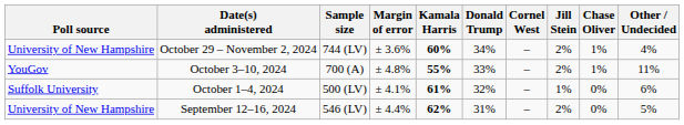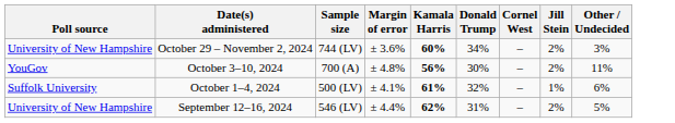 <table class="wikitable sortable mw-datatable" style="font-size:90%;text-align:center;line-height:17px">
 <tr valign=bottom>
 <th>Poll source</th>
 <th>Date(s)<br>administered</th>
 <th>Sample<br>size</th>
 <th>Margin<br>of error</th>
 <th class="unsortable">Kamala<br>Harris<br></th>
 <th class="unsortable">Donald<br>Trump<br></th>
 <th class="unsortable">Cornel<br>West<br></th>
 <th class="unsortable">Jill<br>Stein<br></th>
-<th class="unsortable">Chase<br>Oliver<br></th>
 <th class="unsortable">Other /<br>Undecided</th>
 </tr>
 <tr>
 <td style="text-align:left;"><a href='#'>University of New Hampshire</a></td>
 <td data-sort-value="2024-11-02">October 29 – November 2, 2024</td>
 <td>744 (LV)</td>
 <td>± 3.6%</td>
 <td style="color:black;background-color:"><strong>60%</strong></td>
 <td>34%</td>
 <td>–</td>
 <td>2%</td>
-<td>1%</td>
-<td>4%</td>
+<td>3%</td>
 </tr>
 <tr>
 <td style="text-align:left;"><a href='#'>YouGov</a></td>
 <td data-sort-value=2024-10-10>October 3–10, 2024</td>
 <td>700 (A)</td>
 <td>± 4.8%</td>
-<td style="color:black;background-color:"><strong>55%</strong></td>
-<td>33%</td>
+<td style="color:black;background-color:"><strong>56%</strong></td>
+<td>30%</td>
 <td>–</td>
 <td>2%</td>
-<td>1%</td>
 <td>11%</td>
 </tr>
 <tr>
 <td style="text-align:left;"><a href='#'>Suffolk University</a></td>
 <td data-sort-value=2024-10-04>October 1–4, 2024</td>
 <td>500 (LV)</td>
 <td>± 4.1%</td>
 <td style="color:black;background-color:"><strong>61%</strong></td>
 <td>32%</td>
 <td>–</td>
 <td>1%</td>
-<td>0%</td>
 <td>6%</td>
 </tr>
 <tr>
 <td style="text-align:left;"><a href='#'>University of New Hampshire</a></td>
 <td data-sort-value="2024-09-16">September 12–16, 2024</td>
 <td>546 (LV)</td>
 <td>± 4.4%</td>
 <td style="color:black;background-color:"><strong>62%</strong></td>
 <td>31%</td>
 <td>–</td>
 <td>2%</td>
-<td>0%</td>
 <td>5%</td>
 </tr>
 </table>
